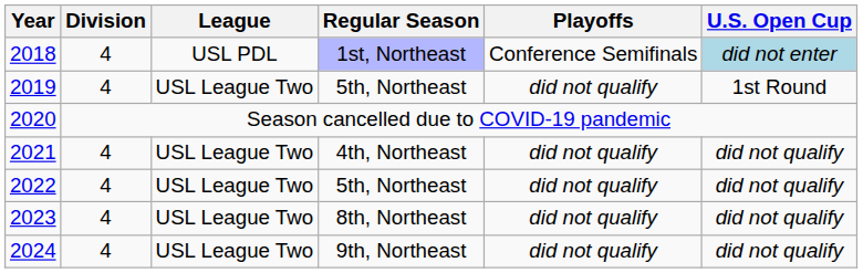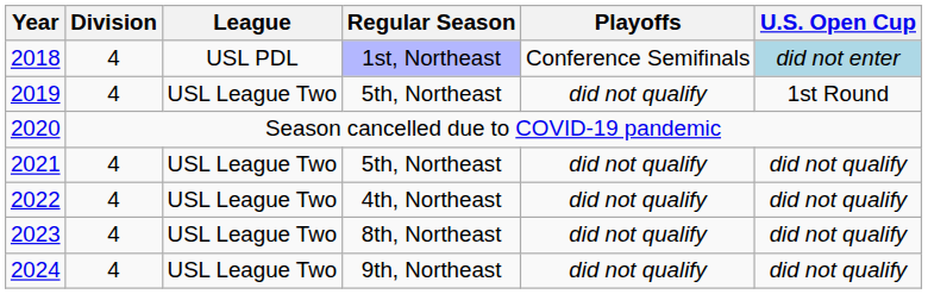 <table class="wikitable" style="text-align: center;">
 <tr>
 <th>Year</th>
 <th>Division</th>
 <th>League</th>
 <th>Regular Season</th>
 <th>Playoffs</th>
 <th><a href='#'>U.S. Open Cup</a></th>
 </tr>
 <tr>
 <td><a href='#'>2018</a></td>
 <td>4</td>
 <td>USL PDL</td>
 <td style="background:#b3b7ff;">1st, Northeast</td>
 <td>Conference Semifinals</td>
 <td style="background: lightblue;"><em>did not enter</em></td>
 </tr>
 <tr>
 <td><a href='#'>2019</a></td>
 <td>4</td>
 <td>USL League Two</td>
 <td>5th, Northeast</td>
 <td><em>did not qualify</em></td>
 <td>1st Round</td>
 </tr>
 <tr>
 <td><a href='#'>2020</a></td>
 <td colspan=5>Season cancelled due to <a href='#'>COVID-19 pandemic</a></td>
 </tr>
 <tr>
 <td><a href='#'>2021</a></td>
 <td>4</td>
 <td>USL League Two</td>
-<td>4th, Northeast</td>
+<td>5th, Northeast</td>
 <td><em>did not qualify</em></td>
 <td><em>did not qualify</em></td>
 </tr>
 <tr>
 <td><a href='#'>2022</a></td>
 <td>4</td>
 <td>USL League Two</td>
-<td>5th, Northeast</td>
+<td>4th, Northeast</td>
 <td><em>did not qualify</em></td>
 <td><em>did not qualify</em></td>
 </tr>
 <tr>
 <td><a href='#'>2023</a></td>
 <td>4</td>
 <td>USL League Two</td>
 <td>8th, Northeast</td>
 <td><em>did not qualify</em></td>
 <td><em>did not qualify</em></td>
 </tr>
 <tr>
 <td><a href='#'>2024</a></td>
 <td>4</td>
 <td>USL League Two</td>
 <td>9th, Northeast</td>
 <td><em>did not qualify</em></td>
 <td><em>did not qualify</em></td>
 </tr>
 </table>
